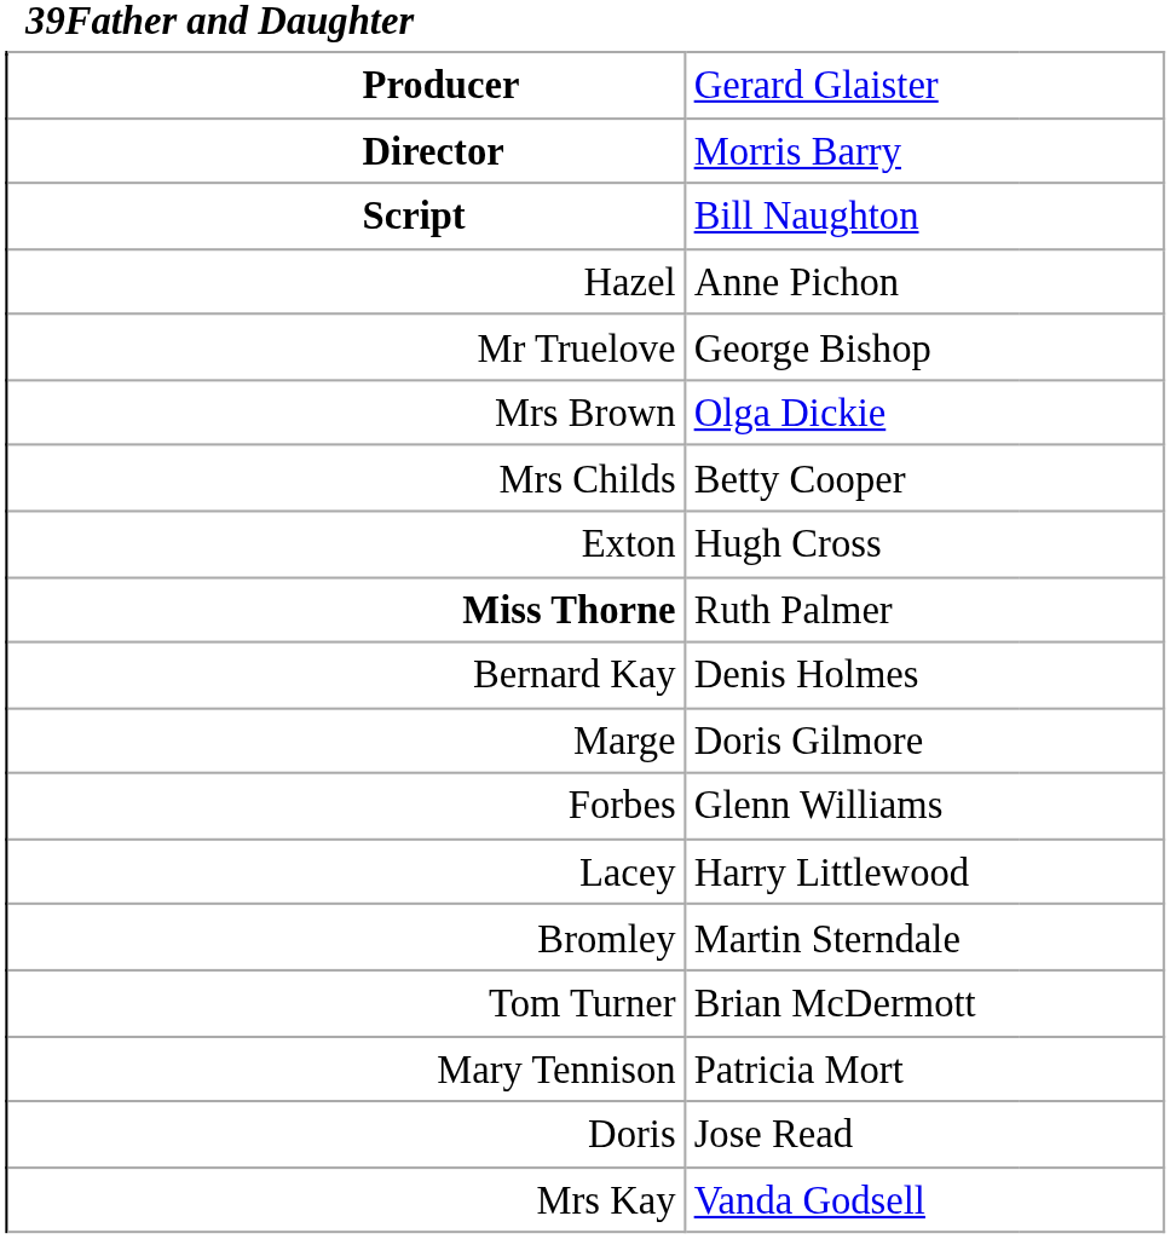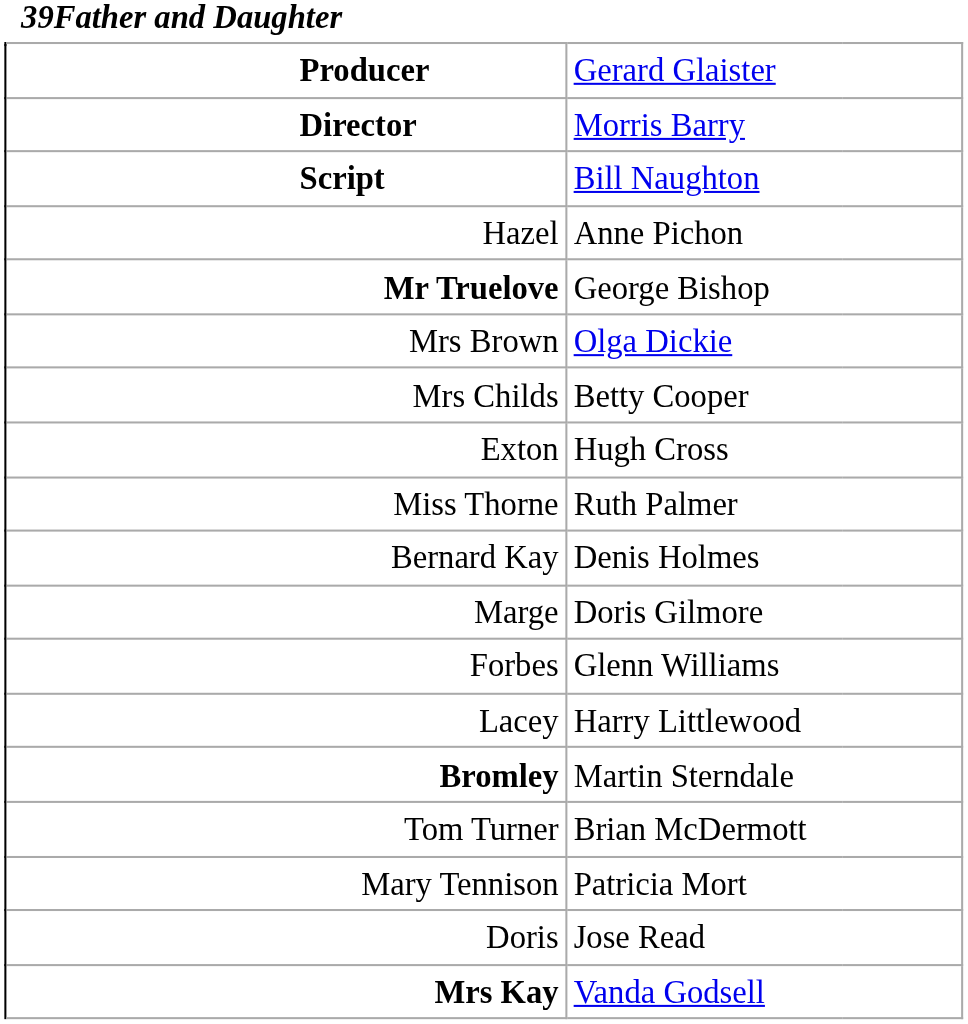 <table class="wikitable mw-collapsible mw-collapsed" style="vertical-align:top;margin:auto 2em;line-height:1.2;min-width:33em;display: inline-table;background-color:inherit;border:none;">
 <tr>
 <td class=unsortable style="border:hidden;line-height:1.67;text-align:center;margin-left:-1em;padding-left:0.5em;min-width:1.0em;"></td>
 <td class=unsortable style="border:none;padding-left:0.5em;text-align:left;min-width:16.5em;font-weight:700;font-style:italic;">39Father and Daughter</td>
 <td class=unsortable style="border:none;text-align:right;font-weight:normal;font-family:Courier;font-size:95%;letter-spacing:-1pt;min-width:8.5em;padding-right:0.2em;"></td>
 <td class=unsortable style="border:hidden;min-width:3.5em;padding-left:0;"></td>
 <td class=unsortable style="border:hidden;min-width:3.5em;font-size:95%;"></td>
 </tr>
 <tr>
 <td rowspan=100 style="border:none thin;border-right-style :solid;"></td>
 </tr>
 <tr>
 <td style="text-align:left;padding-left:9.0em;font-weight:bold;">Producer</td>
 <td colspan=2><a href='#'>Gerard Glaister</a></td>
 </tr>
 <tr>
 <td style="text-align:left;padding-left:9.0em;font-weight:bold;">Director</td>
 <td colspan=2><a href='#'>Morris Barry</a></td>
 </tr>
 <tr>
 <td style="text-align:left;padding-left:9.0em;font-weight:bold;">Script</td>
 <td colspan=2><a href='#'>Bill Naughton</a></td>
 </tr>
 <tr>
 <td style="text-align:right;">Hazel</td>
 <td colspan=2>Anne Pichon</td>
 </tr>
 <tr>
-<td style="text-align:right;">Mr Truelove</td>
+<td style="text-align:right;"><strong>Mr Truelove</strong></td>
 <td colspan=2>George Bishop</td>
 </tr>
 <tr>
 <td style="text-align:right;">Mrs Brown</td>
 <td colspan=2><a href='#'>Olga Dickie</a></td>
 </tr>
 <tr>
 <td style="text-align:right;">Mrs Childs</td>
 <td colspan=2>Betty Cooper</td>
 </tr>
 <tr>
 <td style="text-align:right;">Exton</td>
 <td colspan=2>Hugh Cross</td>
 </tr>
 <tr>
-<td style="text-align:right;"><strong>Miss Thorne</strong></td>
+<td style="text-align:right;">Miss Thorne</td>
 <td colspan=2>Ruth Palmer</td>
 </tr>
 <tr>
 <td style="text-align:right;">Bernard Kay</td>
 <td colspan=2>Denis Holmes</td>
 </tr>
 <tr>
 <td style="text-align:right;">Marge</td>
 <td colspan=2>Doris Gilmore</td>
 </tr>
 <tr>
 <td style="text-align:right;">Forbes</td>
 <td colspan=2>Glenn Williams</td>
 </tr>
 <tr>
 <td style="text-align:right;">Lacey</td>
 <td colspan=2>Harry Littlewood</td>
 </tr>
 <tr>
-<td style="text-align:right;">Bromley</td>
+<td style="text-align:right;"><strong>Bromley</strong></td>
 <td colspan=2>Martin Sterndale</td>
 </tr>
 <tr>
 <td style="text-align:right;">Tom Turner</td>
 <td colspan=2>Brian McDermott</td>
 </tr>
 <tr>
 <td style="text-align:right;">Mary Tennison</td>
 <td colspan=2>Patricia Mort</td>
 </tr>
 <tr>
 <td style="text-align:right;">Doris</td>
 <td colspan=2>Jose Read</td>
 </tr>
 <tr>
-<td style="text-align:right;">Mrs Kay</td>
+<td style="text-align:right;"><strong>Mrs Kay</strong></td>
 <td colspan=2><a href='#'>Vanda Godsell</a></td>
 </tr>
 </table>
